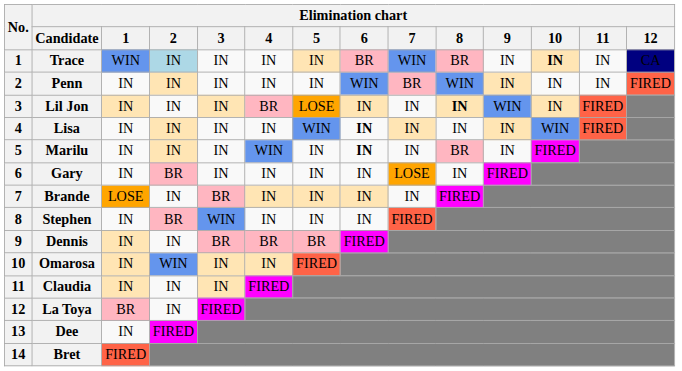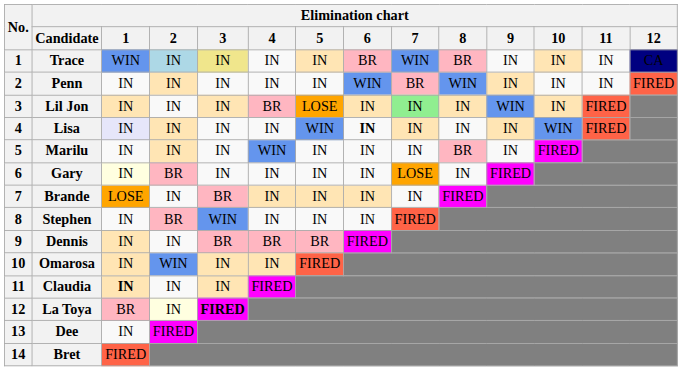 <table class="wikitable" style="text-align:center;">
 <tr>
 <th rowspan=2>No.</th>
 <th colspan="16">Elimination chart</th>
 </tr>
 <tr>
 <th>Candidate</th>
 <th>1</th>
 <th>2</th>
 <th>3</th>
 <th>4</th>
 <th>5</th>
 <th>6</th>
 <th>7</th>
 <th>8</th>
 <th>9</th>
 <th>10</th>
 <th>11</th>
 <th>12</th>
 </tr>
 <tr>
 <th>1</th>
 <th>Trace</th>
 <td style="background:cornflowerblue;">WIN</td>
 <td style="background:lightblue;">IN</td>
-<td>IN</td>
+<td style="background: khaki;">IN</td>
 <td>IN</td>
 <td style="background:#ffe5b4;">IN</td>
 <td style="background:lightpink;">BR</td>
 <td style="background:cornflowerblue;">WIN</td>
 <td style="background:lightpink;">BR</td>
 <td>IN</td>
-<td style="background:#ffe5b4;"><strong>IN</strong></td>
+<td style="background:#ffe5b4;">IN</td>
 <td>IN</td>
 <td style="background:navy;"><span> CA </span></td>
 </tr>
 <tr>
 <th>2</th>
 <th>Penn</th>
 <td>IN</td>
 <td style="background:#ffe5b4;">IN</td>
 <td>IN</td>
 <td>IN</td>
 <td>IN</td>
 <td style="background:cornflowerblue;">WIN</td>
 <td style="background:lightpink;">BR</td>
 <td style="background:cornflowerblue;">WIN</td>
 <td style="background:#ffe5b4;">IN</td>
 <td>IN</td>
 <td>IN</td>
 <td style="background:tomato;">FIRED</td>
 </tr>
 <tr>
 <th>3</th>
 <th>Lil Jon</th>
 <td style="background:#ffe5b4;">IN</td>
 <td>IN</td>
 <td style="background:#ffe5b4;">IN</td>
 <td style="background:lightpink;">BR</td>
 <td style="background:orange;">LOSE</td>
 <td style="background:#ffe5b4;">IN</td>
-<td>IN</td>
-<td style="background:#ffe5b4;"><strong>IN</strong></td>
+<td style="background: lightgreen;">IN</td>
+<td style="background:#ffe5b4;">IN</td>
 <td style="background:cornflowerblue;">WIN</td>
 <td style="background:#ffe5b4;">IN</td>
 <td style="background:tomato;">FIRED</td>
 <td colspan="1" style="background:gray;"></td>
 </tr>
 <tr>
 <th>4</th>
 <th>Lisa</th>
-<td>IN</td>
+<td style="background: lavender;">IN</td>
 <td style="background:#ffe5b4;">IN</td>
 <td>IN</td>
 <td>IN</td>
 <td style="background:cornflowerblue;">WIN</td>
 <td><strong>IN</strong></td>
 <td style="background:#ffe5b4;">IN</td>
 <td>IN</td>
 <td style="background:#ffe5b4;">IN</td>
 <td style="background:cornflowerblue;">WIN</td>
 <td style="background:tomato;">FIRED</td>
 <td colspan="1" style="background:gray;"></td>
 </tr>
 <tr>
 <th>5</th>
 <th>Marilu</th>
 <td>IN</td>
 <td style="background:#ffe5b4;">IN</td>
 <td>IN</td>
 <td style="background:cornflowerblue;">WIN</td>
 <td>IN</td>
-<td><strong>IN</strong></td>
+<td>IN</td>
 <td>IN</td>
 <td style="background:lightpink;">BR</td>
 <td>IN</td>
 <td style="background:magenta;">FIRED</td>
 <td colspan="2" style="background:gray;"></td>
 </tr>
 <tr>
 <th>6</th>
 <th>Gary</th>
-<td>IN</td>
+<td style="background: lightyellow;">IN</td>
 <td style="background:lightpink;">BR</td>
 <td>IN</td>
 <td>IN</td>
 <td>IN</td>
 <td>IN</td>
 <td style="background:orange;">LOSE</td>
 <td>IN</td>
 <td style="background:magenta;">FIRED</td>
 <td colspan="3" style="background:gray;"></td>
 </tr>
 <tr>
 <th>7</th>
 <th>Brande</th>
 <td style="background:orange;">LOSE</td>
 <td>IN</td>
 <td style="background:lightpink;">BR</td>
 <td style="background:#ffe5b4;">IN</td>
 <td style="background:#ffe5b4;">IN</td>
 <td style="background:#ffe5b4;">IN</td>
 <td>IN</td>
 <td style="background:magenta;">FIRED</td>
 <td colspan="4" style="background:gray;"></td>
 </tr>
 <tr>
 <th>8</th>
 <th>Stephen</th>
 <td>IN</td>
 <td style="background:lightpink;">BR</td>
 <td style="background:cornflowerblue;">WIN</td>
 <td>IN</td>
 <td>IN</td>
 <td>IN</td>
 <td style="background:tomato;">FIRED</td>
 <td colspan="5" style="background:gray;"></td>
 </tr>
 <tr>
 <th>9</th>
 <th>Dennis</th>
 <td style="background:#ffe5b4;">IN</td>
 <td>IN</td>
 <td style="background:lightpink;">BR</td>
 <td style="background:lightpink;">BR</td>
 <td style="background:lightpink;">BR</td>
 <td style="background:magenta;">FIRED</td>
 <td colspan="6" style="background:gray;"></td>
 </tr>
 <tr>
 <th>10</th>
 <th>Omarosa</th>
 <td style="background:#ffe5b4;">IN</td>
 <td style="background:cornflowerblue;">WIN</td>
 <td style="background:#ffe5b4;">IN</td>
 <td style="background:#ffe5b4;">IN</td>
 <td style="background:tomato;">FIRED</td>
 <td colspan="7" style="background:gray;"></td>
 </tr>
 <tr>
 <th>11</th>
 <th>Claudia</th>
-<td style="background:#ffe5b4;">IN</td>
+<td style="background:#ffe5b4;"><strong>IN</strong></td>
 <td>IN</td>
 <td style="background:#ffe5b4;">IN</td>
 <td style="background:magenta;">FIRED</td>
 <td colspan="8" style="background:gray;"></td>
 </tr>
 <tr>
 <th>12</th>
 <th>La Toya</th>
 <td style="background:lightpink;">BR</td>
-<td>IN</td>
-<td style="background:magenta;">FIRED</td>
+<td style="background: lightyellow;">IN</td>
+<td style="background:magenta;"><strong>FIRED</strong></td>
 <td colspan="9" style="background:gray;"></td>
 </tr>
 <tr>
 <th>13</th>
 <th>Dee</th>
 <td>IN</td>
 <td style="background:magenta;">FIRED</td>
 <td colspan="10" style="background:gray;"></td>
 </tr>
 <tr>
 <th>14</th>
 <th>Bret</th>
 <td style="background:tomato;">FIRED</td>
 <td colspan="11" style="background:gray;"></td>
 </tr>
 </table>
